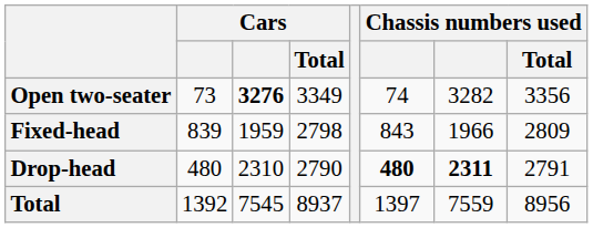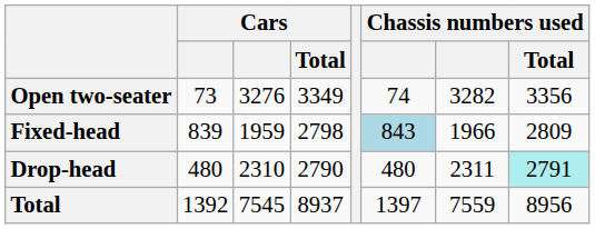 <table class="wikitable" style="text-align: center;">
 <tr>
 <th rowspan="2"></th>
 <th colspan="3">Cars</th>
 <th rowspan="6"></th>
 <th colspan="3">Chassis numbers used</th>
 </tr>
 <tr>
 <th></th>
 <th></th>
 <th>Total</th>
 <th></th>
 <th></th>
 <th>Total</th>
 </tr>
 <tr>
 <th style="text-align: left;">Open two-seater</th>
 <td>73</td>
-<td><strong>3276</strong></td>
+<td>3276</td>
 <td>3349</td>
 <td>74</td>
 <td>3282</td>
 <td>3356</td>
 </tr>
 <tr>
 <th style="text-align: left;">Fixed-head</th>
 <td>839</td>
 <td>1959</td>
 <td>2798</td>
-<td>843</td>
+<td style="background: lightblue;">843</td>
 <td>1966</td>
 <td>2809</td>
 </tr>
 <tr>
 <th style="text-align: left;">Drop-head</th>
 <td>480</td>
 <td>2310</td>
 <td>2790</td>
-<td><strong>480</strong></td>
-<td><strong>2311</strong></td>
-<td>2791</td>
+<td>480</td>
+<td>2311</td>
+<td style="background: paleturquoise;">2791</td>
 </tr>
 <tr>
 <th style="text-align: left;">Total</th>
 <td>1392</td>
 <td>7545</td>
 <td>8937</td>
 <td>1397</td>
 <td>7559</td>
 <td>8956</td>
 </tr>
 </table>
